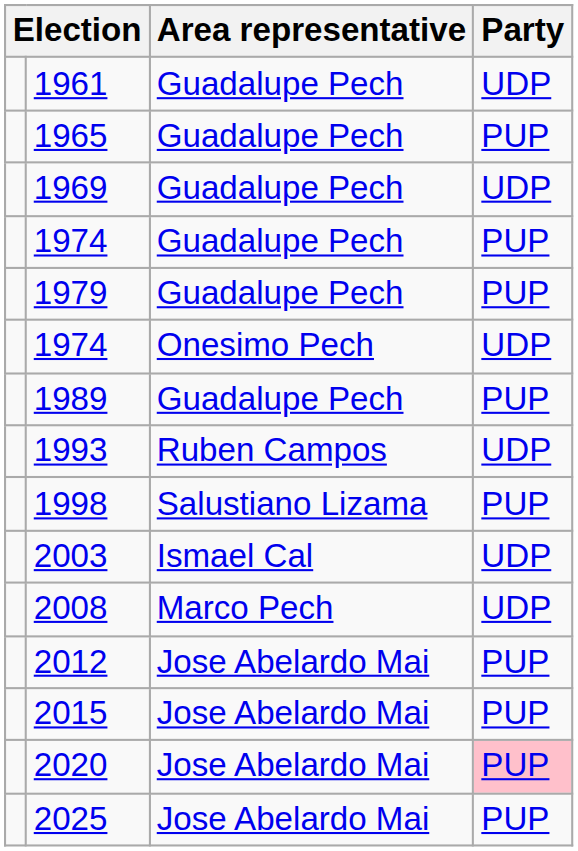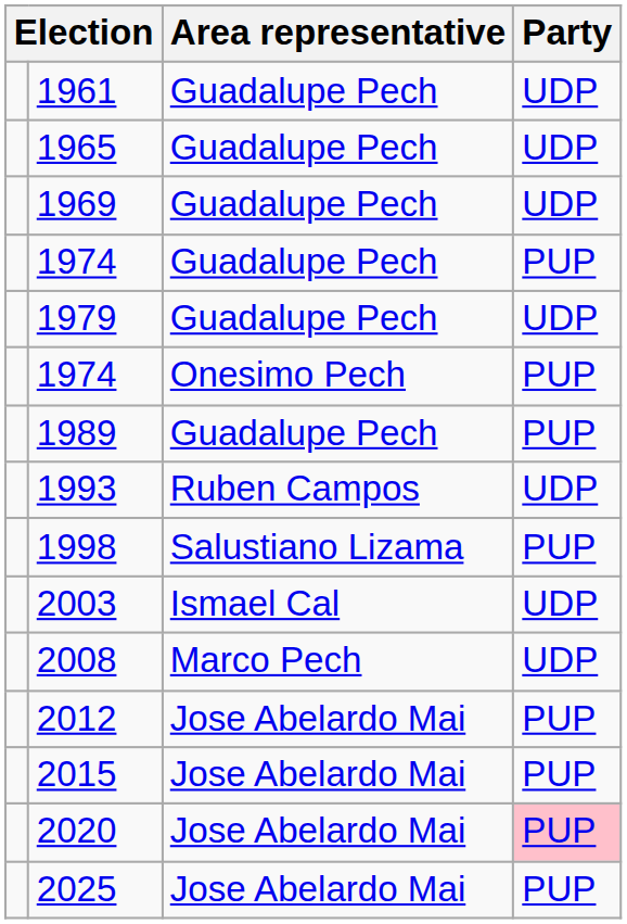 <table class="wikitable">
 <tr>
 <th colspan="2">Election</th>
 <th>Area representative</th>
 <th>Party</th>
 </tr>
 <tr>
 <td style="background-color: "></td>
 <td><a href='#'>1961</a></td>
 <td><a href='#'>Guadalupe Pech</a></td>
 <td><a href='#'>UDP</a></td>
 </tr>
 <tr>
 <td style="background-color: "></td>
 <td><a href='#'>1965</a></td>
 <td><a href='#'>Guadalupe Pech</a></td>
-<td><a href='#'>PUP</a></td>
+<td><a href='#'>UDP</a></td>
 </tr>
 <tr>
 <td style="background-color: "></td>
 <td><a href='#'>1969</a></td>
 <td><a href='#'>Guadalupe Pech</a></td>
 <td><a href='#'>UDP</a></td>
 </tr>
 <tr>
 <td style="background-color: "></td>
 <td><a href='#'>1974</a></td>
 <td><a href='#'>Guadalupe Pech</a></td>
 <td><a href='#'>PUP</a></td>
 </tr>
 <tr>
 <td style="background-color: "></td>
 <td><a href='#'>1979</a></td>
 <td><a href='#'>Guadalupe Pech</a></td>
-<td><a href='#'>PUP</a></td>
+<td><a href='#'>UDP</a></td>
 </tr>
 <tr>
 <td style="background-color: "></td>
 <td><a href='#'>1974</a></td>
 <td><a href='#'>Onesimo Pech</a></td>
-<td><a href='#'>UDP</a></td>
+<td><a href='#'>PUP</a></td>
 </tr>
 <tr>
 <td style="background-color: "></td>
 <td><a href='#'>1989</a></td>
 <td><a href='#'>Guadalupe Pech</a></td>
 <td><a href='#'>PUP</a></td>
 </tr>
 <tr>
 <td style="background-color: "></td>
 <td><a href='#'>1993</a></td>
 <td><a href='#'>Ruben Campos</a></td>
 <td><a href='#'>UDP</a></td>
 </tr>
 <tr>
 <td style="background-color: "></td>
 <td><a href='#'>1998</a></td>
 <td><a href='#'>Salustiano Lizama</a></td>
 <td><a href='#'>PUP</a></td>
 </tr>
 <tr>
 <td style="background-color: "></td>
 <td><a href='#'>2003</a></td>
 <td><a href='#'>Ismael Cal</a></td>
 <td><a href='#'>UDP</a></td>
 </tr>
 <tr>
 <td style="background-color: "></td>
 <td><a href='#'>2008</a></td>
 <td><a href='#'>Marco Pech</a></td>
 <td><a href='#'>UDP</a></td>
 </tr>
 <tr>
 <td style="background-color: "></td>
 <td><a href='#'>2012</a></td>
 <td><a href='#'>Jose Abelardo Mai</a></td>
 <td><a href='#'>PUP</a></td>
 </tr>
 <tr>
 <td style="background-color: "></td>
 <td><a href='#'>2015</a></td>
 <td><a href='#'>Jose Abelardo Mai</a></td>
 <td><a href='#'>PUP</a></td>
 </tr>
 <tr>
 <td style="background-color: "></td>
 <td><a href='#'>2020</a></td>
 <td><a href='#'>Jose Abelardo Mai</a></td>
 <td style="background: pink;"><a href='#'>PUP</a></td>
 </tr>
 <tr>
 <td style="background-color: "></td>
 <td><a href='#'>2025</a></td>
 <td><a href='#'>Jose Abelardo Mai</a></td>
 <td><a href='#'>PUP</a></td>
 </tr>
 </table>
